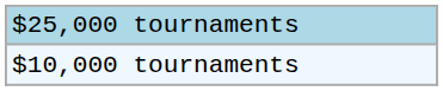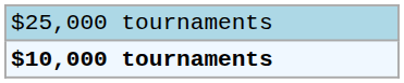 <table class="wikitable" style="font-size:85%;" width=15%>
 <tr style="background:lightblue;">
 <td>$25,000 tournaments</td>
 </tr>
 <tr style="background:#f0f8ff;">
-<td>$10,000 tournaments</td>
+<td><strong>$10,000 tournaments</strong></td>
 </tr>
 </table>
